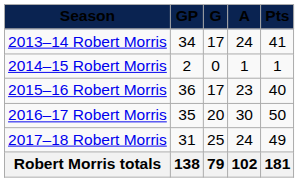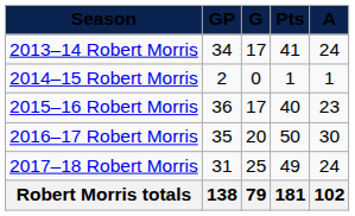 <table class="wikitable" style="text-align:center">
 <tr style=" background:#0a2351; ">
 <td><strong>Season</strong></td>
 <td><strong>GP</strong></td>
 <td><strong>G</strong></td>
+<td><strong>Pts</strong></td>
 <td><strong>A</strong></td>
-<td><strong>Pts</strong></td>
 </tr>
 <tr>
 <td><a href='#'>2013–14 Robert Morris</a></td>
 <td>34</td>
 <td>17</td>
+<td>41</td>
 <td>24</td>
-<td>41</td>
 </tr>
 <tr>
 <td><a href='#'>2014–15 Robert Morris</a></td>
 <td>2</td>
 <td>0</td>
 <td>1</td>
 <td>1</td>
 </tr>
 <tr>
 <td><a href='#'>2015–16 Robert Morris</a></td>
 <td>36</td>
 <td>17</td>
+<td>40</td>
 <td>23</td>
-<td>40</td>
 </tr>
 <tr>
 <td><a href='#'>2016–17 Robert Morris</a></td>
 <td>35</td>
 <td>20</td>
+<td>50</td>
 <td>30</td>
-<td>50</td>
 </tr>
 <tr>
 <td><a href='#'>2017–18 Robert Morris</a></td>
 <td>31</td>
 <td>25</td>
+<td>49</td>
 <td>24</td>
-<td>49</td>
 </tr>
 <tr>
 <th>Robert Morris totals</th>
 <th>138</th>
 <th>79</th>
+<th>181</th>
 <th>102</th>
-<th>181</th>
 </tr>
 </table>
